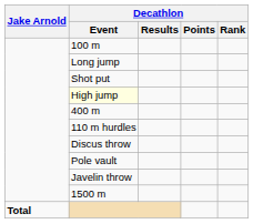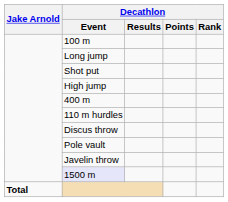 <table class=wikitable style="font-size:90%;">
 <tr>
 <th rowspan="2"><a href='#'>Jake Arnold</a></th>
 <th colspan="4"><a href='#'>Decathlon</a></th>
 </tr>
 <tr>
 <th>Event</th>
 <th>Results</th>
 <th>Points</th>
 <th>Rank</th>
 </tr>
 <tr style="border-top: single;">
 <td rowspan="10"></td>
 <td>100 m</td>
 <td align=center></td>
 <td align=center></td>
 <td align=center></td>
 </tr>
 <tr>
 <td>Long jump</td>
 <td align=center></td>
 <td align=center></td>
 <td align=center></td>
 </tr>
 <tr>
 <td>Shot put</td>
 <td align=center></td>
 <td align=center></td>
 <td align=center></td>
 </tr>
 <tr>
-<td style="background: lightyellow;">High jump</td>
+<td>High jump</td>
 <td align=center></td>
 <td align=center></td>
 <td align=center></td>
 </tr>
 <tr>
 <td>400 m</td>
 <td align=center></td>
 <td align=center></td>
 <td align=center></td>
 </tr>
 <tr>
 <td>110 m hurdles</td>
 <td align=center></td>
 <td align=center></td>
 <td align=center></td>
 </tr>
 <tr>
 <td>Discus throw</td>
 <td align=center></td>
 <td align=center></td>
 <td align=center></td>
 </tr>
 <tr>
 <td>Pole vault</td>
 <td align=center></td>
 <td align=center></td>
 <td align=center></td>
 </tr>
 <tr>
 <td>Javelin throw</td>
 <td align=center></td>
 <td align=center></td>
 <td align=center></td>
 </tr>
 <tr>
-<td>1500 m</td>
+<td style="background: lavender;">1500 m</td>
 <td align=center></td>
 <td align=center></td>
 <td align=center></td>
 </tr>
 <tr style="border-top: single;">
 <td><strong>Total</strong></td>
 <td colspan="2" style="background:wheat;"></td>
 <td align=center></td>
 <td align=center></td>
 </tr>
 </table>
